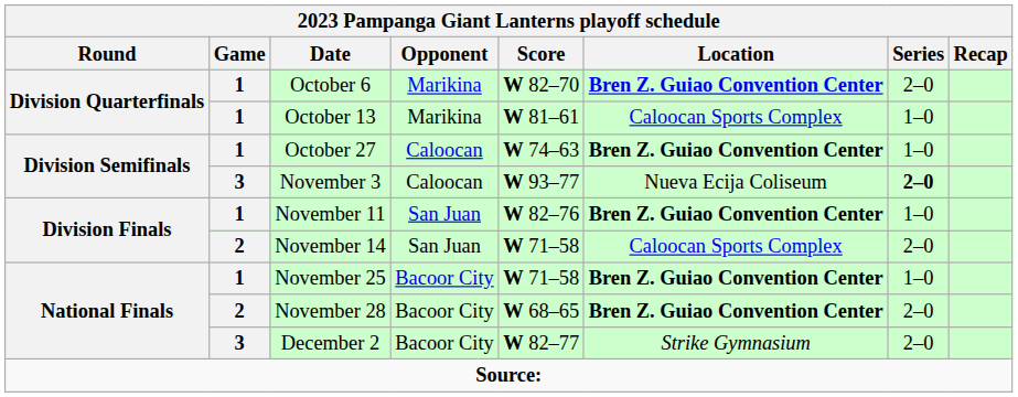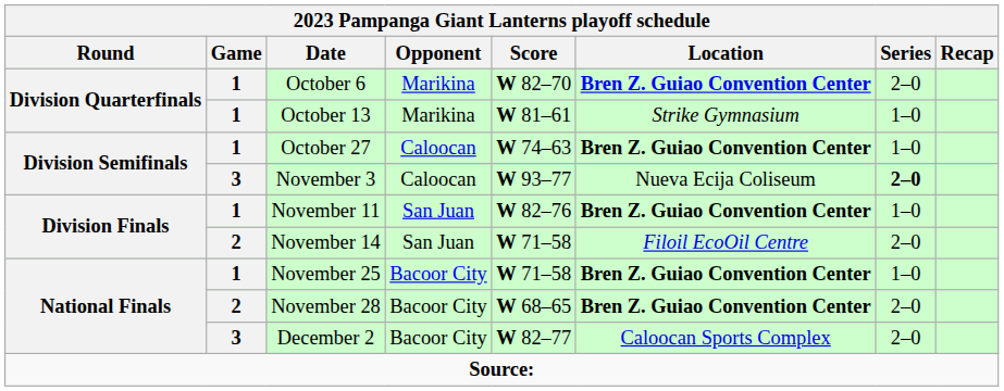 <table class="wikitable" style="text-align:center">
 <tr>
 <th colspan=8>2023 Pampanga Giant Lanterns playoff schedule</th>
 </tr>
 <tr>
 <th>Round</th>
 <th>Game</th>
 <th>Date</th>
 <th>Opponent</th>
 <th>Score</th>
 <th>Location</th>
 <th>Series</th>
 <th>Recap<br></th>
 </tr>
 <tr style="background:#cfc">
 <th rowspan=2>Division Quarterfinals</th>
 <th>1</th>
 <td>October 6</td>
 <td><a href='#'>Marikina</a></td>
 <td><strong>W</strong> 82–70</td>
 <td><strong><a href='#'>Bren Z. Guiao Convention Center</a></strong></td>
 <td>2–0</td>
 <td></td>
 </tr>
 <tr style="background:#cfc">
 <th>1</th>
 <td>October 13</td>
 <td>Marikina</td>
 <td><strong>W</strong> 81–61</td>
-<td><a href='#'>Caloocan Sports Complex</a></td>
+<td><em>Strike Gymnasium</em></td>
 <td>1–0</td>
 <td><br></td>
 </tr>
 <tr style="background:#cfc">
 <th rowspan=2>Division Semifinals</th>
 <th>1</th>
 <td>October 27</td>
 <td><a href='#'>Caloocan</a></td>
 <td><strong>W</strong> 74–63</td>
 <td><strong>Bren Z. Guiao Convention Center</strong></td>
 <td>1–0</td>
 <td></td>
 </tr>
 <tr style="background:#cfc">
 <th>3</th>
 <td>November 3</td>
 <td>Caloocan</td>
 <td><strong>W</strong> 93–77</td>
 <td>Nueva Ecija Coliseum</td>
 <td><strong>2–0</strong></td>
 <td><br></td>
 </tr>
 <tr style="background:#cfc">
 <th rowspan=2>Division Finals</th>
 <th>1</th>
 <td>November 11</td>
 <td><a href='#'>San Juan</a></td>
 <td><strong>W</strong> 82–76</td>
 <td><strong>Bren Z. Guiao Convention Center</strong></td>
 <td>1–0</td>
 <td></td>
 </tr>
 <tr style="background:#cfc">
 <th>2</th>
 <td>November 14</td>
 <td>San Juan</td>
 <td><strong>W</strong> 71–58</td>
-<td><a href='#'>Caloocan Sports Complex</a></td>
+<td><em><a href='#'>Filoil EcoOil Centre</a></em></td>
 <td>2–0</td>
 <td><br></td>
 </tr>
 <tr style="background:#cfc">
 <th rowspan=3>National Finals</th>
 <th>1</th>
 <td>November 25</td>
 <td><a href='#'>Bacoor City</a></td>
 <td><strong>W</strong> 71–58</td>
 <td><strong>Bren Z. Guiao Convention Center</strong></td>
 <td>1–0</td>
 <td></td>
 </tr>
 <tr style="background:#cfc">
 <th>2</th>
 <td>November 28</td>
 <td>Bacoor City</td>
 <td><strong>W</strong> 68–65</td>
 <td><strong>Bren Z. Guiao Convention Center</strong></td>
 <td>2–0</td>
 <td></td>
 </tr>
 <tr style="background:#cfc">
 <th>3</th>
 <td>December 2</td>
 <td>Bacoor City</td>
 <td><strong>W</strong> 82–77</td>
-<td><em>Strike Gymnasium</em></td>
+<td><a href='#'>Caloocan Sports Complex</a></td>
 <td>2–0</td>
 <td></td>
 </tr>
 <tr>
 <td colspan=8 align=center><strong>Source: </strong></td>
 </tr>
 </table>
